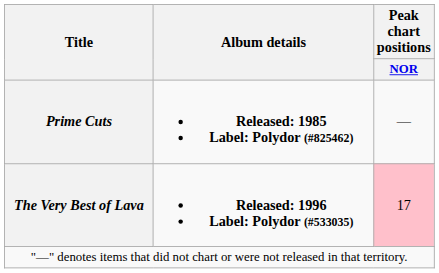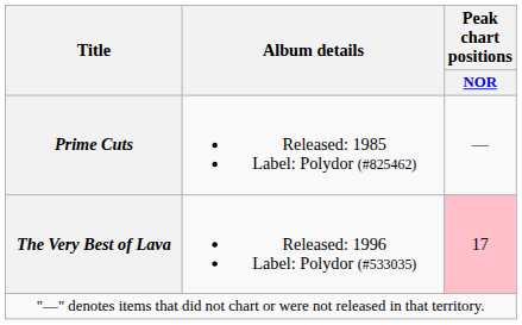 <table class="wikitable plainrowheaders" style="text-align:center;">
 <tr>
 <th scope="col" rowspan="2" style="width:10em;">Title</th>
 <th scope="col" rowspan="2" style="width:15em;">Album details</th>
 <th scope="col" colspan="1">Peak chart positions</th>
 </tr>
 <tr>
 <th style="width:2em;font-size:90%;"><a href='#'>NOR</a><br></th>
 </tr>
 <tr>
 <th scope="row"><em>Prime Cuts</em></th>
-<td><strong><br><ul><li>Released: 1985</li><li>Label: Polydor <small>(#825462)</small></li></ul></strong></td>
+<td><br><ul><li>Released: 1985</li><li>Label: Polydor <small>(#825462)</small></li></ul></td>
 <td>—</td>
 </tr>
 <tr>
 <th scope="row"><em>The Very Best of Lava</em></th>
-<td><strong><br><ul><li>Released: 1996</li><li>Label: Polydor <small>(#533035)</small></li></ul></strong></td>
+<td><br><ul><li>Released: 1996</li><li>Label: Polydor <small>(#533035)</small></li></ul></td>
 <td style="background: pink;">17</td>
 </tr>
 <tr>
 <td align="center" colspan="15" style="font-size:90%">"—" denotes items that did not chart or were not released in that territory.</td>
 </tr>
 </table>
